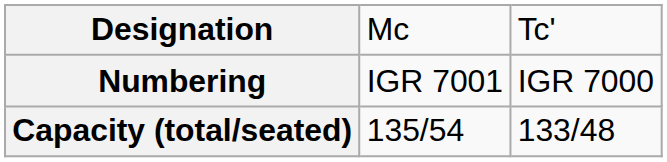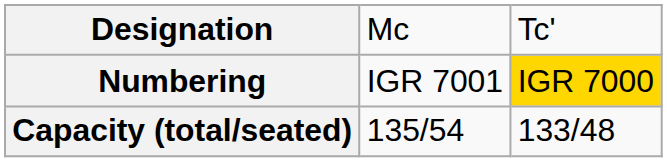 <table class="wikitable">
 <tr>
 <th>Designation</th>
 <td>Mc</td>
 <td>Tc'</td>
 </tr>
 <tr>
 <th>Numbering</th>
 <td>IGR 7001</td>
-<td>IGR 7000</td>
+<td style="background: gold;">IGR 7000</td>
 </tr>
 <tr>
 <th>Capacity (total/seated)</th>
 <td>135/54</td>
 <td>133/48</td>
 </tr>
 </table>
